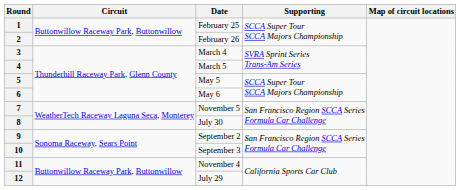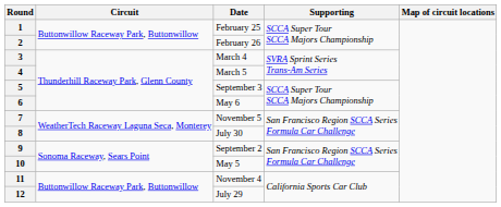 <table class="wikitable" style="font-size: 85%">
 <tr>
 <th>Round</th>
 <th>Circuit</th>
 <th>Date</th>
 <th>Supporting</th>
 <th>Map of circuit locations</th>
 </tr>
 <tr>
 <th>1</th>
 <td rowspan="2"><a href='#'>Buttonwillow Raceway Park</a>, <a href='#'>Buttonwillow</a></td>
 <td>February 25</td>
 <td rowspan="2"><em><a href='#'>SCCA</a> Super Tour<br><a href='#'>SCCA</a> Majors Championship</em></td>
 <td rowspan="12"></td>
 </tr>
 <tr>
 <th>2</th>
 <td>February 26</td>
 </tr>
 <tr>
 <th>3</th>
 <td rowspan="4"><a href='#'>Thunderhill Raceway Park</a>, <a href='#'>Glenn County</a></td>
 <td>March 4</td>
 <td rowspan="2"><em><a href='#'>SVRA</a> Sprint Series<br><a href='#'>Trans-Am Series</a></em></td>
 </tr>
 <tr>
 <th>4</th>
 <td>March 5</td>
 </tr>
 <tr>
 <th>5</th>
-<td>May 5</td>
+<td>September 3</td>
 <td rowspan="2"><em><a href='#'>SCCA</a> Super Tour<br><a href='#'>SCCA</a> Majors Championship</em></td>
 </tr>
 <tr>
 <th>6</th>
 <td>May 6</td>
 </tr>
 <tr>
 <th>7</th>
 <td rowspan="2"><a href='#'>WeatherTech Raceway Laguna Seca</a>, <a href='#'>Monterey</a></td>
 <td>November 5</td>
 <td rowspan="2"><em>San Francisco Region <a href='#'>SCCA</a> Series<br><a href='#'>Formula Car Challenge</a></em></td>
 </tr>
 <tr>
 <th>8</th>
 <td>July 30</td>
 </tr>
 <tr>
 <th>9</th>
 <td rowspan="2"><a href='#'>Sonoma Raceway</a>, <a href='#'>Sears Point</a></td>
 <td>September 2</td>
 <td rowspan="2"><em>San Francisco Region <a href='#'>SCCA</a> Series<br><a href='#'>Formula Car Challenge</a></em></td>
 </tr>
 <tr>
 <th>10</th>
-<td>September 3</td>
+<td>May 5</td>
 </tr>
 <tr>
 <th>11</th>
 <td rowspan="2"><a href='#'>Buttonwillow Raceway Park</a>, <a href='#'>Buttonwillow</a></td>
 <td>November 4</td>
 <td rowspan="2"><em>California Sports Car Club</em></td>
 </tr>
 <tr>
 <th>12</th>
 <td>July 29</td>
 </tr>
 </table>
